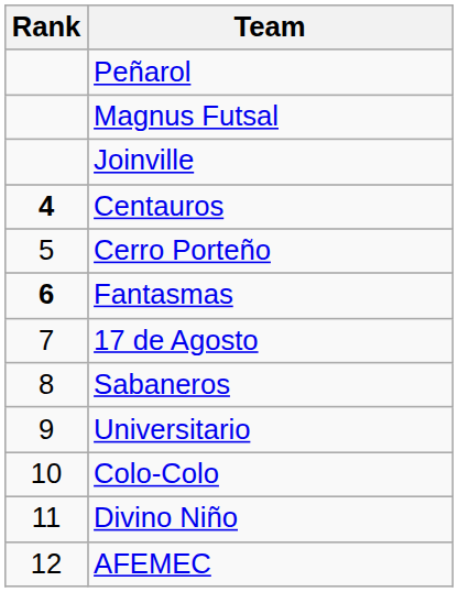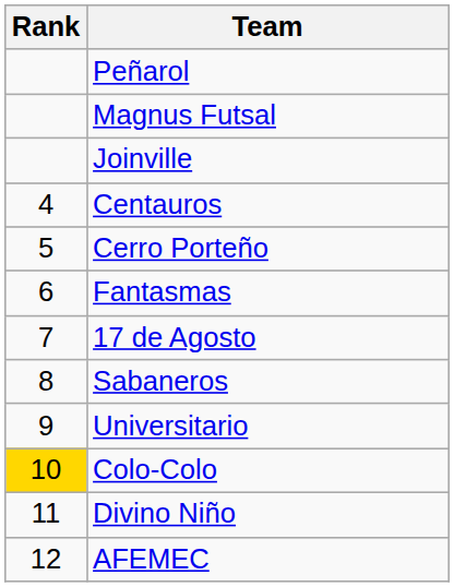 <table class="wikitable col2-left" style="text-align:center">
 <tr>
 <th width=30>Rank</th>
 <th width=200>Team</th>
 </tr>
 <tr>
 <td></td>
 <td align="left"> <a href='#'>Peñarol</a></td>
 </tr>
 <tr>
 <td></td>
 <td align="left"> <a href='#'>Magnus Futsal</a></td>
 </tr>
 <tr>
 <td></td>
 <td align="left"> <a href='#'>Joinville</a></td>
 </tr>
 <tr>
-<td><strong>4</strong></td>
+<td>4</td>
 <td align="left"> <a href='#'>Centauros</a></td>
 </tr>
 <tr>
 <td>5</td>
 <td align="left"> <a href='#'>Cerro Porteño</a></td>
 </tr>
 <tr>
-<td><strong>6</strong></td>
+<td>6</td>
 <td align="left"> <a href='#'>Fantasmas</a></td>
 </tr>
 <tr>
 <td>7</td>
 <td align="left"> <a href='#'>17 de Agosto</a></td>
 </tr>
 <tr>
 <td>8</td>
 <td align="left"> <a href='#'>Sabaneros</a></td>
 </tr>
 <tr>
 <td>9</td>
 <td align="left"> <a href='#'>Universitario</a></td>
 </tr>
 <tr>
-<td>10</td>
+<td style="background: gold;">10</td>
 <td align="left"> <a href='#'>Colo-Colo</a></td>
 </tr>
 <tr>
 <td>11</td>
 <td align="left"> <a href='#'>Divino Niño</a></td>
 </tr>
 <tr>
 <td>12</td>
 <td align="left"> <a href='#'>AFEMEC</a></td>
 </tr>
 </table>
